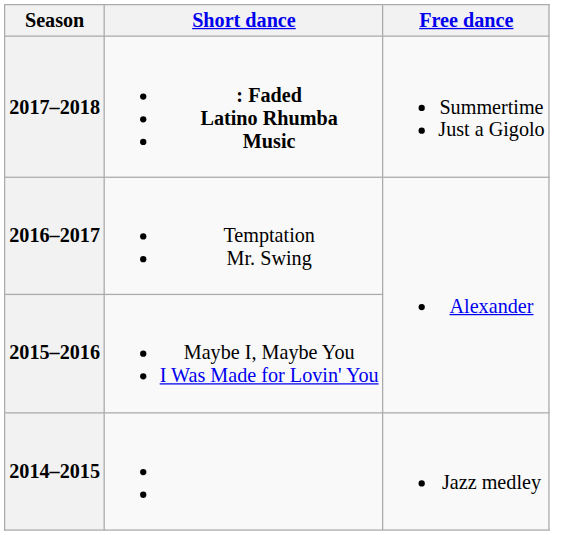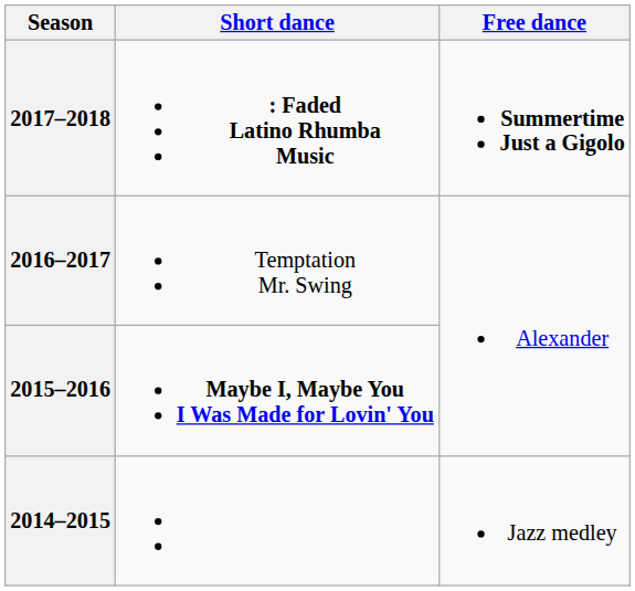 <table class=wikitable style=text-align:center>
 <tr>
 <th>Season</th>
 <th><a href='#'>Short dance</a></th>
 <th><a href='#'>Free dance</a></th>
 </tr>
 <tr>
 <th>2017–2018 <br> </th>
 <td><strong><br><ul><li>: Faded</li><li> Latino Rhumba <br></li><li> Music <br></li></ul></strong></td>
-<td><br><ul><li>Summertime <br></li><li>Just a Gigolo <br></li></ul></td>
+<td><strong><br><ul><li>Summertime <br></li><li>Just a Gigolo <br></li></ul></strong></td>
 </tr>
 <tr>
 <th>2016–2017 <br> </th>
 <td><br><ul><li> Temptation <br></li><li> Mr. Swing <br></li></ul></td>
 <td rowspan=2><br><ul><li><a href='#'>Alexander</a> <br></li></ul></td>
 </tr>
 <tr>
 <th>2015–2016 <br> </th>
-<td><br><ul><li> Maybe I, Maybe You <br></li><li> <a href='#'>I Was Made for Lovin' You</a> <br></li></ul></td>
+<td><strong><br><ul><li> Maybe I, Maybe You <br></li><li> <a href='#'>I Was Made for Lovin' You</a> <br></li></ul></strong></td>
 </tr>
 <tr>
 <th>2014–2015 <br> </th>
 <td><br><ul><li></li><li> <br></li></ul></td>
 <td><br><ul><li>Jazz medley <br></li></ul></td>
 </tr>
 </table>
